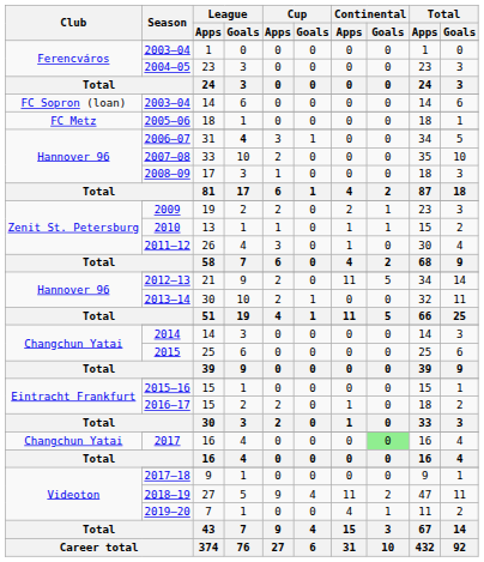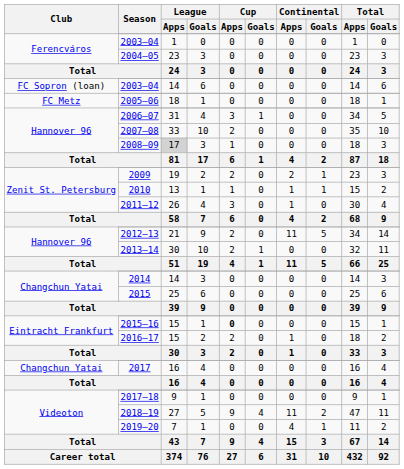 <table class="wikitable" style="text-align: center;">
 <tr>
 <th rowspan="2">Club</th>
 <th rowspan="2">Season</th>
 <th colspan="2">League</th>
 <th colspan="2">Cup</th>
 <th colspan="2">Continental</th>
 <th colspan="2">Total</th>
 </tr>
 <tr>
 <th>Apps</th>
 <th>Goals</th>
 <th>Apps</th>
 <th>Goals</th>
 <th>Apps</th>
 <th>Goals</th>
 <th>Apps</th>
 <th>Goals</th>
 </tr>
 <tr>
 <td rowspan="3" valign="center"><a href='#'>Ferencváros</a></td>
 </tr>
 <tr>
 <td><a href='#'>2003–04</a></td>
 <td>1</td>
 <td>0</td>
 <td>0</td>
 <td>0</td>
 <td>0</td>
 <td>0</td>
 <td>1</td>
 <td>0</td>
 </tr>
 <tr>
 <td><a href='#'>2004–05</a></td>
 <td>23</td>
 <td>3</td>
 <td>0</td>
 <td>0</td>
 <td>0</td>
 <td>0</td>
 <td>23</td>
 <td>3</td>
 </tr>
 <tr>
 <th colspan=2>Total</th>
 <th>24</th>
 <th>3</th>
 <th>0</th>
 <th>0</th>
 <th>0</th>
 <th>0</th>
 <th>24</th>
 <th>3</th>
 </tr>
 <tr>
 <td rowspan="2" valign="center"><a href='#'>FC Sopron</a> (loan)</td>
 </tr>
 <tr>
 <td><a href='#'>2003–04</a></td>
 <td>14</td>
 <td>6</td>
 <td>0</td>
 <td>0</td>
 <td>0</td>
 <td>0</td>
 <td>14</td>
 <td>6</td>
 </tr>
 <tr>
 <td rowspan="2" valign="center"><a href='#'>FC Metz</a></td>
 </tr>
 <tr>
 <td><a href='#'>2005–06</a></td>
 <td>18</td>
 <td>1</td>
 <td>0</td>
 <td>0</td>
 <td>0</td>
 <td>0</td>
 <td>18</td>
 <td>1</td>
 </tr>
 <tr>
 <td rowspan="4" valign="center"><a href='#'>Hannover 96</a></td>
 </tr>
 <tr>
 <td><a href='#'>2006–07</a></td>
 <td>31</td>
-<td><strong>4</strong></td>
+<td>4</td>
 <td>3</td>
 <td>1</td>
 <td>0</td>
 <td>0</td>
 <td>34</td>
 <td>5</td>
 </tr>
 <tr>
 <td><a href='#'>2007–08</a></td>
 <td>33</td>
 <td>10</td>
 <td>2</td>
 <td>0</td>
 <td>0</td>
 <td>0</td>
 <td>35</td>
 <td>10</td>
 </tr>
 <tr>
 <td><a href='#'>2008–09</a></td>
-<td>17</td>
+<td style="background: lightgrey;">17</td>
 <td>3</td>
 <td>1</td>
 <td>0</td>
 <td>0</td>
 <td>0</td>
 <td>18</td>
 <td>3</td>
 </tr>
 <tr>
 <th colspan=2>Total</th>
 <th>81</th>
 <th>17</th>
 <th>6</th>
 <th>1</th>
 <th>4</th>
 <th>2</th>
 <th>87</th>
 <th>18</th>
 </tr>
 <tr>
 <td rowspan="4" valign="center"><a href='#'>Zenit St. Petersburg</a></td>
 </tr>
 <tr>
 <td><a href='#'>2009</a></td>
 <td>19</td>
 <td>2</td>
 <td>2</td>
 <td>0</td>
 <td>2</td>
 <td>1</td>
 <td>23</td>
 <td>3</td>
 </tr>
 <tr>
 <td><a href='#'>2010</a></td>
 <td>13</td>
 <td>1</td>
 <td>1</td>
 <td>0</td>
 <td>1</td>
 <td>1</td>
 <td>15</td>
 <td>2</td>
 </tr>
 <tr>
 <td><a href='#'>2011–12</a></td>
 <td>26</td>
 <td>4</td>
 <td>3</td>
 <td>0</td>
 <td>1</td>
 <td>0</td>
 <td>30</td>
 <td>4</td>
 </tr>
 <tr>
 <th colspan=2>Total</th>
 <th>58</th>
 <th>7</th>
 <th>6</th>
 <th>0</th>
 <th>4</th>
 <th>2</th>
 <th>68</th>
 <th>9</th>
 </tr>
 <tr>
 <td rowspan="3" valign="center"><a href='#'>Hannover 96</a></td>
 </tr>
 <tr>
 <td><a href='#'>2012–13</a></td>
 <td>21</td>
 <td>9</td>
 <td>2</td>
 <td>0</td>
 <td>11</td>
 <td>5</td>
 <td>34</td>
 <td>14</td>
 </tr>
 <tr>
 <td><a href='#'>2013–14</a></td>
 <td>30</td>
 <td>10</td>
 <td>2</td>
 <td>1</td>
 <td>0</td>
 <td>0</td>
 <td>32</td>
 <td>11</td>
 </tr>
 <tr>
 <th colspan=2>Total</th>
 <th>51</th>
 <th>19</th>
 <th>4</th>
 <th>1</th>
 <th>11</th>
 <th>5</th>
 <th>66</th>
 <th>25</th>
 </tr>
 <tr>
 <td rowspan="3" valign="center"><a href='#'>Changchun Yatai</a></td>
 </tr>
 <tr>
 <td><a href='#'>2014</a></td>
 <td>14</td>
 <td>3</td>
 <td>0</td>
 <td>0</td>
 <td>0</td>
 <td>0</td>
 <td>14</td>
 <td>3</td>
 </tr>
 <tr>
 <td><a href='#'>2015</a></td>
 <td>25</td>
 <td>6</td>
 <td>0</td>
 <td>0</td>
 <td>0</td>
 <td>0</td>
 <td>25</td>
 <td>6</td>
 </tr>
 <tr>
 <th colspan=2>Total</th>
 <th>39</th>
 <th>9</th>
 <th>0</th>
 <th>0</th>
 <th>0</th>
 <th>0</th>
 <th>39</th>
 <th>9</th>
 </tr>
 <tr>
 <td rowspan="3" valign="center"><a href='#'>Eintracht Frankfurt</a></td>
 </tr>
 <tr>
 <td><a href='#'>2015–16</a></td>
 <td>15</td>
 <td>1</td>
-<td>0</td>
+<td><strong>0</strong></td>
 <td>0</td>
 <td>0</td>
 <td>0</td>
 <td>15</td>
 <td>1</td>
 </tr>
 <tr>
 <td><a href='#'>2016–17</a></td>
 <td>15</td>
 <td>2</td>
 <td>2</td>
 <td>0</td>
 <td>1</td>
 <td>0</td>
 <td>18</td>
 <td>2</td>
 </tr>
 <tr>
 <th colspan=2>Total</th>
 <th>30</th>
 <th>3</th>
 <th>2</th>
 <th>0</th>
 <th>1</th>
 <th>0</th>
 <th>33</th>
 <th>3</th>
 </tr>
 <tr>
 <td rowspan="2" valign="center"><a href='#'>Changchun Yatai</a></td>
 </tr>
 <tr>
 <td><a href='#'>2017</a></td>
 <td>16</td>
 <td>4</td>
 <td>0</td>
 <td>0</td>
 <td>0</td>
-<td style="background: lightgreen;">0</td>
+<td>0</td>
 <td>16</td>
 <td>4</td>
 </tr>
 <tr>
 <th colspan=2>Total</th>
 <th>16</th>
 <th>4</th>
 <th>0</th>
 <th>0</th>
 <th>0</th>
 <th>0</th>
 <th>16</th>
 <th>4</th>
 </tr>
 <tr>
 <td rowspan="4" valign="center"><a href='#'>Videoton</a></td>
 </tr>
 <tr>
 <td><a href='#'>2017–18</a></td>
 <td>9</td>
 <td>1</td>
 <td>0</td>
 <td>0</td>
 <td>0</td>
 <td>0</td>
 <td>9</td>
 <td>1</td>
 </tr>
 <tr>
 <td><a href='#'>2018–19</a></td>
 <td>27</td>
 <td>5</td>
 <td>9</td>
 <td>4</td>
 <td>11</td>
 <td>2</td>
 <td>47</td>
 <td>11</td>
 </tr>
 <tr>
 <td><a href='#'>2019–20</a></td>
 <td>7</td>
 <td>1</td>
 <td>0</td>
 <td>0</td>
 <td>4</td>
 <td>1</td>
 <td>11</td>
 <td>2</td>
 </tr>
 <tr>
 <th colspan=2>Total</th>
 <th>43</th>
 <th>7</th>
 <th>9</th>
 <th>4</th>
 <th>15</th>
 <th>3</th>
 <th>67</th>
 <th>14</th>
 </tr>
 <tr>
 <th colspan=2>Career total</th>
 <th>374</th>
 <th>76</th>
 <th>27</th>
 <th>6</th>
 <th>31</th>
 <th>10</th>
 <th>432</th>
 <th>92</th>
 </tr>
 </table>
